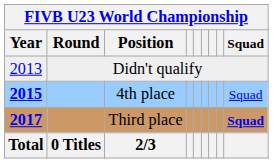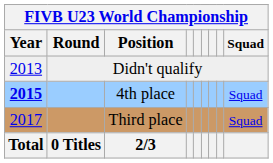 <table class="wikitable" style="text-align: center;">
 <tr>
 <th colspan=9><a href='#'>FIVB U23 World Championship</a>  </th>
 </tr>
 <tr>
 <th>Year</th>
 <th>Round</th>
 <th>Position</th>
 <th></th>
 <th></th>
 <th></th>
 <th></th>
 <th></th>
 <th><small>Squad</small></th>
 </tr>
 <tr bgcolor="efefef">
 <td> <a href='#'>2013</a></td>
 <td colspan=9>Didn't qualify</td>
 </tr>
 <tr bgcolor=9acdff>
 <td><strong> <a href='#'>2015</a></strong></td>
 <td></td>
 <td>4th place</td>
 <td></td>
 <td></td>
 <td></td>
 <td></td>
 <td></td>
 <td><small><a href='#'>Squad</a></small></td>
 </tr>
 <tr bgcolor=cc9966>
-<td><strong> <a href='#'>2017</a></strong></td>
+<td> <a href='#'>2017</a></td>
 <td></td>
 <td>Third place</td>
 <td></td>
 <td></td>
 <td></td>
 <td></td>
 <td></td>
-<td><strong><small><a href='#'>Squad</a></small></strong></td>
+<td><small><a href='#'>Squad</a></small></td>
 </tr>
 <tr>
 <th>Total</th>
 <th>0 Titles</th>
 <th>2/3</th>
 <th></th>
 <th></th>
 <th></th>
 <th></th>
 <th></th>
 <th></th>
 </tr>
 </table>
